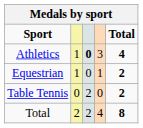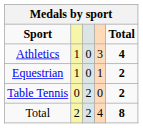 <table class="wikitable" style="font-size:95%">
 <tr style="background:#efefef;">
 <th colspan=5><strong>Medals by sport</strong></th>
 </tr>
 <tr style="text-align:center;">
 <td><strong>Sport</strong></td>
 <td bgcolor=#f7f6a8></td>
 <td bgcolor=#dce5e5></td>
 <td bgcolor=#ffdab9></td>
 <td><strong>Total</strong></td>
 </tr>
 <tr style="text-align:center;">
 <td><a href='#'>Athletics</a></td>
 <td style="background:#F7F6A8;">1</td>
-<td style="background:#DCE5E5;"><strong>0</strong></td>
+<td style="background:#DCE5E5;">0</td>
 <td style="background:#FFDAB9;">3</td>
 <td><strong>4</strong></td>
 </tr>
 <tr style="text-align:center;">
 <td><a href='#'>Equestrian</a></td>
 <td style="background:#F7F6A8;">1</td>
 <td style="background:#DCE5E5;">0</td>
 <td style="background:#FFDAB9;">1</td>
 <td><strong>2</strong></td>
 </tr>
 <tr style="text-align:center;">
 <td><a href='#'>Table Tennis</a></td>
 <td style="background:#F7F6A8;">0</td>
 <td style="background:#DCE5E5;">2</td>
 <td style="background:#FFDAB9;">0</td>
 <td><strong>2</strong></td>
 </tr>
 <tr style="text-align:center;">
 <td>Total</td>
 <td style="background:#F7F6A8;">2</td>
 <td style="background:#DCE5E5;">2</td>
 <td style="background:#FFDAB9;">4</td>
 <td><strong>8</strong></td>
 </tr>
 </table>
